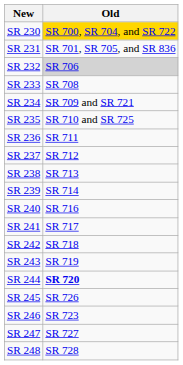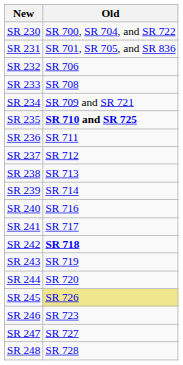 <table class=wikitable>
 <tr>
 <th>New</th>
 <th>Old</th>
 </tr>
 <tr>
 <td><a href='#'>SR 230</a></td>
-<td style="background: gold;"><a href='#'>SR 700</a>, <a href='#'>SR 704</a>, and <a href='#'>SR 722</a></td>
+<td><a href='#'>SR 700</a>, <a href='#'>SR 704</a>, and <a href='#'>SR 722</a></td>
 </tr>
 <tr>
 <td><a href='#'>SR 231</a></td>
 <td><a href='#'>SR 701</a>, <a href='#'>SR 705</a>, and <a href='#'>SR 836</a></td>
 </tr>
 <tr>
 <td><a href='#'>SR 232</a></td>
-<td style="background: lightgrey;"><a href='#'>SR 706</a></td>
+<td><a href='#'>SR 706</a></td>
 </tr>
 <tr>
 <td><a href='#'>SR 233</a></td>
 <td><a href='#'>SR 708</a></td>
 </tr>
 <tr>
 <td><a href='#'>SR 234</a></td>
 <td><a href='#'>SR 709</a> and <a href='#'>SR 721</a></td>
 </tr>
 <tr>
 <td><a href='#'>SR 235</a></td>
-<td><a href='#'>SR 710</a> and <a href='#'>SR 725</a></td>
+<td><strong><a href='#'>SR 710</a> and <a href='#'>SR 725</a></strong></td>
 </tr>
 <tr>
 <td><a href='#'>SR 236</a></td>
 <td><a href='#'>SR 711</a></td>
 </tr>
 <tr>
 <td><a href='#'>SR 237</a></td>
 <td><a href='#'>SR 712</a></td>
 </tr>
 <tr>
 <td><a href='#'>SR 238</a></td>
 <td><a href='#'>SR 713</a></td>
 </tr>
 <tr>
 <td><a href='#'>SR 239</a></td>
 <td><a href='#'>SR 714</a></td>
 </tr>
 <tr>
 <td><a href='#'>SR 240</a></td>
 <td><a href='#'>SR 716</a></td>
 </tr>
 <tr>
 <td><a href='#'>SR 241</a></td>
 <td><a href='#'>SR 717</a></td>
 </tr>
 <tr>
 <td><a href='#'>SR 242</a></td>
-<td><a href='#'>SR 718</a></td>
+<td><strong><a href='#'>SR 718</a></strong></td>
 </tr>
 <tr>
 <td><a href='#'>SR 243</a></td>
 <td><a href='#'>SR 719</a></td>
 </tr>
 <tr>
 <td><a href='#'>SR 244</a></td>
-<td><strong><a href='#'>SR 720</a></strong></td>
+<td><a href='#'>SR 720</a></td>
 </tr>
 <tr>
 <td><a href='#'>SR 245</a></td>
-<td><a href='#'>SR 726</a></td>
+<td style="background: khaki;"><a href='#'>SR 726</a></td>
 </tr>
 <tr>
 <td><a href='#'>SR 246</a></td>
 <td><a href='#'>SR 723</a></td>
 </tr>
 <tr>
 <td><a href='#'>SR 247</a></td>
 <td><a href='#'>SR 727</a></td>
 </tr>
 <tr>
 <td><a href='#'>SR 248</a></td>
 <td><a href='#'>SR 728</a></td>
 </tr>
 </table>
